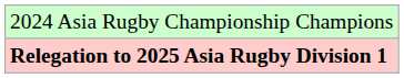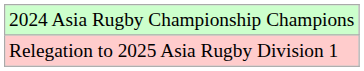 <table class="wikitable">
 <tr bgcolor="#ccffcc">
 <td>2024 Asia Rugby Championship Champions</td>
 </tr>
 <tr bgcolor="#ffcccc">
-<td><strong>Relegation to 2025 Asia Rugby Division 1</strong></td>
+<td>Relegation to 2025 Asia Rugby Division 1</td>
 </tr>
 </table>
